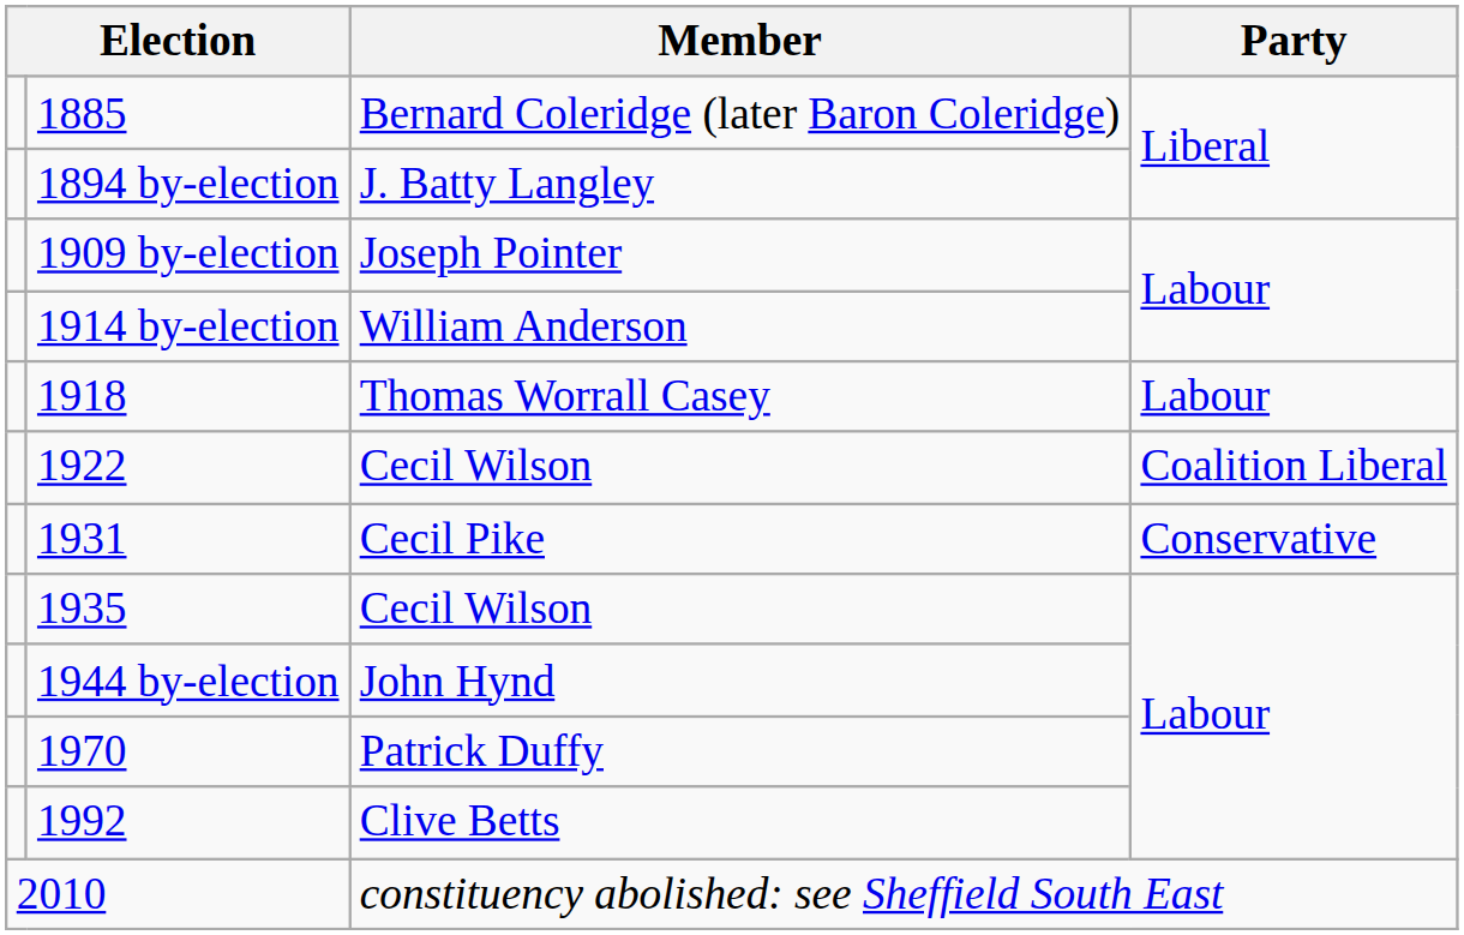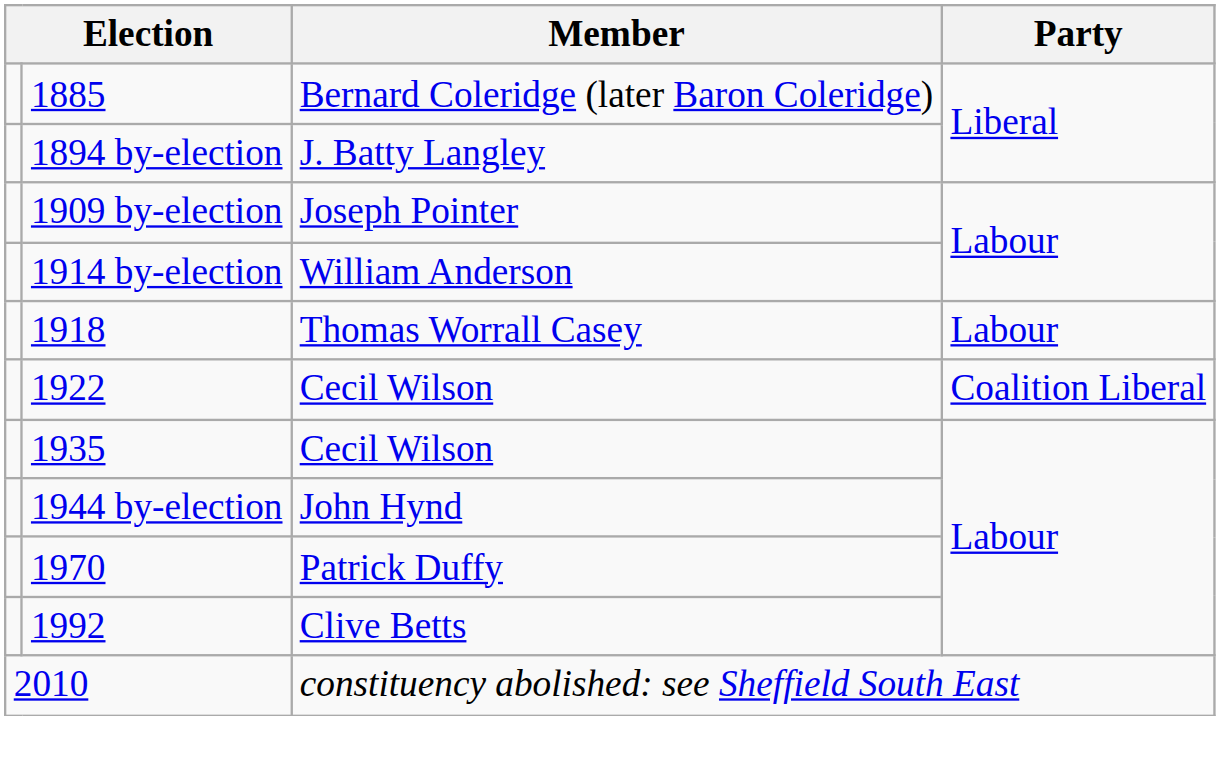 <table class="wikitable">
 <tr>
 <th colspan="2">Election</th>
 <th>Member</th>
 <th>Party</th>
 </tr>
 <tr>
 <td style="color:inherit;background-color: "></td>
 <td><a href='#'>1885</a></td>
 <td><a href='#'>Bernard Coleridge</a> (later <a href='#'>Baron Coleridge</a>)</td>
 <td rowspan="2"><a href='#'>Liberal</a></td>
 </tr>
 <tr>
 <td style="color:inherit;background-color: "></td>
 <td><a href='#'>1894 by-election</a></td>
 <td><a href='#'>J. Batty Langley</a></td>
 </tr>
 <tr>
 <td style="color:inherit;background-color: "></td>
 <td><a href='#'>1909 by-election</a></td>
 <td><a href='#'>Joseph Pointer</a></td>
 <td rowspan="2"><a href='#'>Labour</a></td>
 </tr>
 <tr>
 <td style="color:inherit;background-color: "></td>
 <td><a href='#'>1914 by-election</a></td>
 <td><a href='#'>William Anderson</a></td>
 </tr>
 <tr>
 <td style="color:inherit;background-color: "></td>
 <td><a href='#'>1918</a></td>
 <td><a href='#'>Thomas Worrall Casey</a></td>
 <td><a href='#'>Labour</a></td>
 </tr>
 <tr>
 <td style="color:inherit;background-color: "></td>
 <td><a href='#'>1922</a></td>
 <td><a href='#'>Cecil Wilson</a></td>
 <td><a href='#'>Coalition Liberal</a></td>
 </tr>
 <tr>
 <td style="color:inherit;background-color: "></td>
-<td><a href='#'>1931</a></td>
-<td><a href='#'>Cecil Pike</a></td>
-<td><a href='#'>Conservative</a></td>
-</tr>
-<tr>
-<td style="color:inherit;background-color: "></td>
 <td><a href='#'>1935</a></td>
 <td><a href='#'>Cecil Wilson</a></td>
 <td rowspan="4"><a href='#'>Labour</a></td>
 </tr>
 <tr>
 <td style="color:inherit;background-color: "></td>
 <td><a href='#'>1944 by-election</a></td>
 <td><a href='#'>John Hynd</a></td>
 </tr>
 <tr>
 <td style="color:inherit;background-color: "></td>
 <td><a href='#'>1970</a></td>
 <td><a href='#'>Patrick Duffy</a></td>
 </tr>
 <tr>
 <td style="color:inherit;background-color: "></td>
 <td><a href='#'>1992</a></td>
 <td><a href='#'>Clive Betts</a></td>
 </tr>
 <tr>
 <td colspan="2" align="left"><a href='#'>2010</a></td>
 <td colspan="2"><em>constituency abolished: see <a href='#'>Sheffield South East</a></em></td>
 </tr>
 </table>
